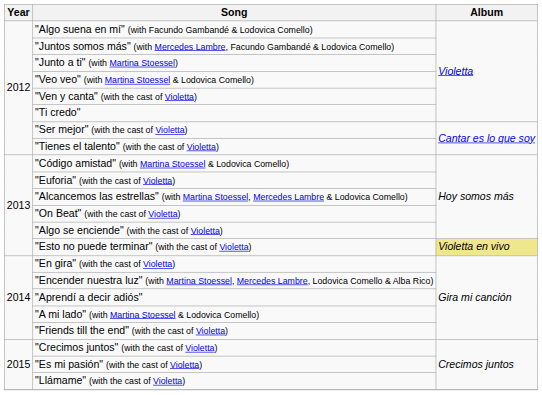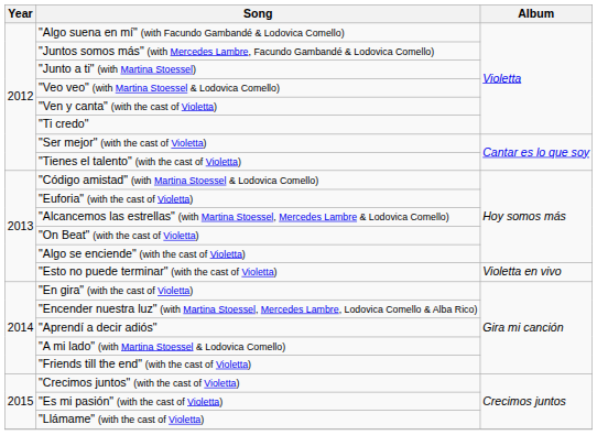 <table class="wikitable">
 <tr>
 <th>Year</th>
 <th>Song</th>
 <th>Album</th>
 </tr>
 <tr>
 <td rowspan="8">2012</td>
 <td>"Algo suena en mí" <small>(with Facundo Gambandé & Lodovica Comello)</small></td>
 <td rowspan="6"><em><a href='#'>Violetta</a></em></td>
 </tr>
 <tr>
 <td>"Juntos somos más" <small>(with <a href='#'>Mercedes Lambre</a>, Facundo Gambandé & Lodovica Comello)</small></td>
 </tr>
 <tr>
 <td>"Junto a ti" <small>(with <a href='#'>Martina Stoessel</a>)</small></td>
 </tr>
 <tr>
 <td>"Veo veo" <small>(with <a href='#'>Martina Stoessel</a>  & Lodovica Comello)</small></td>
 </tr>
 <tr>
 <td>"Ven y canta" <small>(with the cast of <a href='#'>Violetta</a>)</small></td>
 </tr>
 <tr>
 <td>"Ti credo"</td>
 </tr>
 <tr>
 <td>"Ser mejor" <small>(with the cast of <a href='#'>Violetta</a>)</small></td>
 <td rowspan="2"><em><a href='#'>Cantar es lo que soy</a></em></td>
 </tr>
 <tr>
 <td>"Tienes el talento" <small>(with the cast of <a href='#'>Violetta</a>)</small></td>
 </tr>
 <tr>
 <td rowspan="6">2013</td>
 <td>"Código amistad" <small>(with <a href='#'>Martina Stoessel</a>  & Lodovica Comello)</small></td>
 <td rowspan="5"><em>Hoy somos más</em></td>
 </tr>
 <tr>
 <td>"Euforia" <small>(with the cast of <a href='#'>Violetta</a>)</small></td>
 </tr>
 <tr>
 <td>"Alcancemos las estrellas" <small>(with <a href='#'>Martina Stoessel</a>, <a href='#'>Mercedes Lambre</a> & Lodovica Comello)</small></td>
 </tr>
 <tr>
 <td>"On Beat" <small>(with the cast of <a href='#'>Violetta</a>)</small></td>
 </tr>
 <tr>
 <td>"Algo se enciende" <small>(with the cast of <a href='#'>Violetta</a>)</small></td>
 </tr>
 <tr>
 <td>"Esto no puede terminar" <small>(with the cast of <a href='#'>Violetta</a>)</small></td>
-<td style="background: khaki;"><em>Violetta en vivo</em></td>
+<td><em>Violetta en vivo</em></td>
 </tr>
 <tr>
 <td rowspan="5">2014</td>
 <td>"En gira" <small>(with the cast of <a href='#'>Violetta</a>)</small></td>
 <td rowspan="5"><em>Gira mi canción</em></td>
 </tr>
 <tr>
 <td>"Encender nuestra luz" <small>(with <a href='#'>Martina Stoessel</a>, <a href='#'>Mercedes Lambre</a>, Lodovica Comello & Alba Rico)</small></td>
 </tr>
 <tr>
 <td>"Aprendí a decir adiós"</td>
 </tr>
 <tr>
 <td>"A mi lado" <small>(with <a href='#'>Martina Stoessel</a> & Lodovica Comello)</small></td>
 </tr>
 <tr>
 <td>"Friends till the end" <small>(with the cast of <a href='#'>Violetta</a>)</small></td>
 </tr>
 <tr>
 <td rowspan="3">2015</td>
 <td>"Crecimos juntos" <small>(with the cast of <a href='#'>Violetta</a>)</small></td>
 <td rowspan="3"><em>Crecimos juntos</em></td>
 </tr>
 <tr>
 <td>"Es mi pasión" <small>(with the cast of <a href='#'>Violetta</a>)</small></td>
 </tr>
 <tr>
 <td>"Llámame" <small>(with the cast of <a href='#'>Violetta</a>)</small></td>
 </tr>
 <tr>
 </tr>
 </table>
